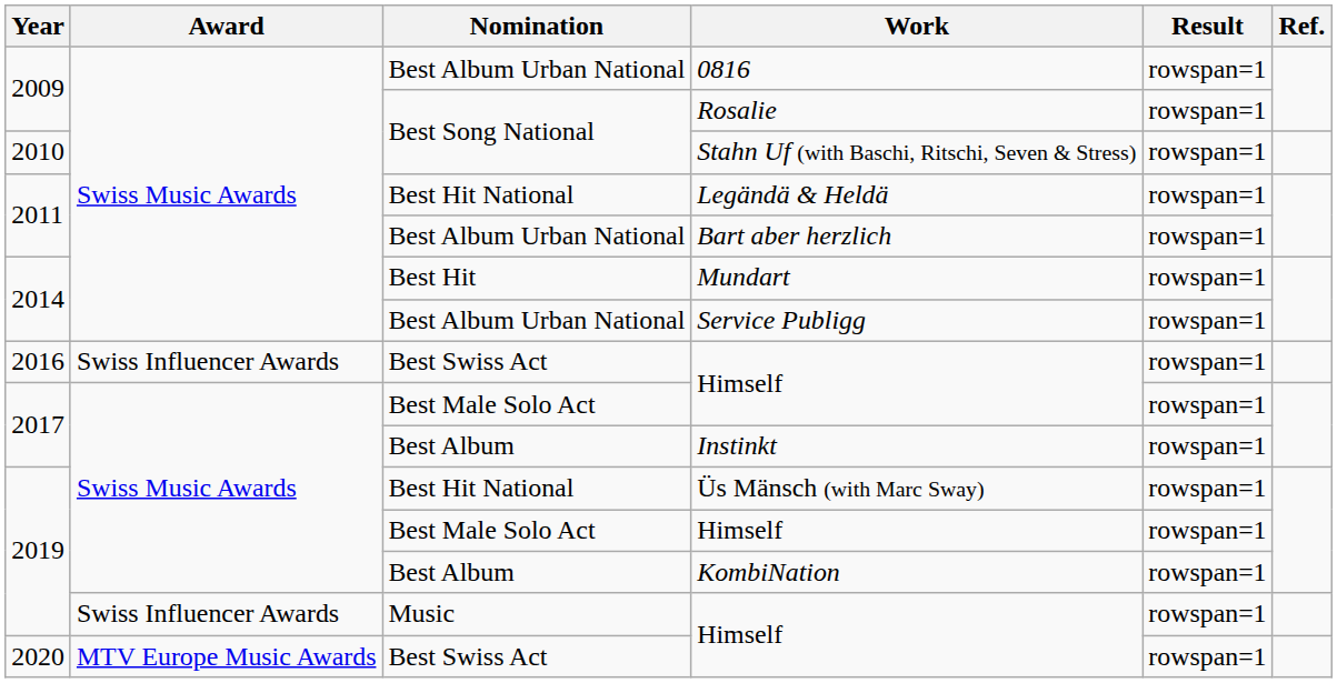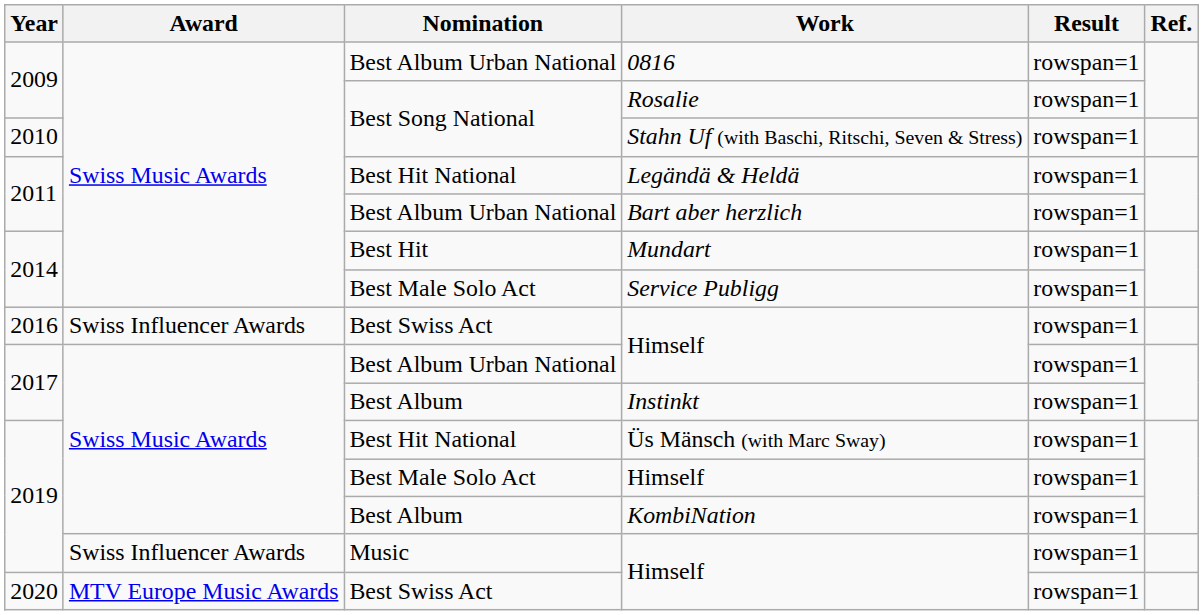 <table class="wikitable">
 <tr>
 <th>Year</th>
 <th>Award</th>
 <th>Nomination</th>
 <th>Work</th>
 <th>Result</th>
 <th>Ref.</th>
 </tr>
 <tr>
 <td rowspan="2">2009</td>
 <td rowspan="7"><a href='#'>Swiss Music Awards</a></td>
 <td>Best Album Urban National</td>
 <td><em>0816</em></td>
 <td>rowspan=1 </td>
 <td rowspan="2"></td>
 </tr>
 <tr>
 <td rowspan="2">Best Song National</td>
 <td><em>Rosalie</em></td>
 <td>rowspan=1 </td>
 </tr>
 <tr>
 <td>2010</td>
 <td><em>Stahn Uf</em> <small>(with Baschi, Ritschi, Seven & Stress)</small></td>
 <td>rowspan=1 </td>
 <td></td>
 </tr>
 <tr>
 <td rowspan="2">2011</td>
 <td>Best Hit National</td>
 <td rowspan="1"><em>Legändä & Heldä</em></td>
 <td>rowspan=1 </td>
 <td rowspan="2"></td>
 </tr>
 <tr>
 <td>Best Album Urban National</td>
 <td><em>Bart aber herzlich</em></td>
 <td>rowspan=1 </td>
 </tr>
 <tr>
 <td rowspan="2">2014</td>
 <td>Best Hit</td>
 <td><em>Mundart</em></td>
 <td>rowspan=1 </td>
 <td rowspan="2"></td>
 </tr>
 <tr>
-<td>Best Album Urban National</td>
+<td>Best Male Solo Act</td>
 <td><em>Service Publigg</em></td>
 <td>rowspan=1 </td>
 </tr>
 <tr>
 <td>2016</td>
 <td>Swiss Influencer Awards</td>
 <td>Best Swiss Act</td>
 <td rowspan="2">Himself</td>
 <td>rowspan=1 </td>
 <td></td>
 </tr>
 <tr>
 <td rowspan="2">2017</td>
 <td rowspan="5"><a href='#'>Swiss Music Awards</a></td>
-<td>Best Male Solo Act</td>
+<td>Best Album Urban National</td>
 <td>rowspan=1 </td>
 <td rowspan="2"></td>
 </tr>
 <tr>
 <td>Best Album</td>
 <td><em>Instinkt</em></td>
 <td>rowspan=1 </td>
 </tr>
 <tr>
 <td rowspan="4">2019</td>
 <td>Best Hit National</td>
 <td>Üs Mänsch <small>(with Marc Sway)</small></td>
 <td>rowspan=1 </td>
 <td rowspan="3"></td>
 </tr>
 <tr>
 <td>Best Male Solo Act</td>
 <td>Himself</td>
 <td>rowspan=1 </td>
 </tr>
 <tr>
 <td>Best Album</td>
 <td><em>KombiNation</em></td>
 <td>rowspan=1 </td>
 </tr>
 <tr>
 <td>Swiss Influencer Awards</td>
 <td>Music</td>
 <td rowspan="2">Himself</td>
 <td>rowspan=1 </td>
 <td></td>
 </tr>
 <tr>
 <td>2020</td>
 <td><a href='#'>MTV Europe Music Awards</a></td>
 <td>Best Swiss Act</td>
 <td>rowspan=1 </td>
 <td></td>
 </tr>
 </table>
